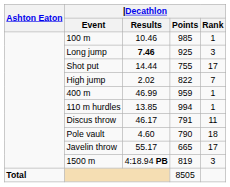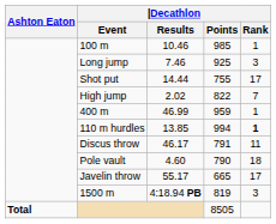 <table class=wikitable style="font-size:90%;">
 <tr>
 <th rowspan="2"><strong><a href='#'>Ashton Eaton</a></strong></th>
 <th colspan="4">|<a href='#'>Decathlon</a></th>
 </tr>
 <tr>
 <th>Event</th>
 <th>Results</th>
 <th>Points</th>
 <th>Rank</th>
 </tr>
 <tr style="border-top: single;">
 <td rowspan="10"></td>
 <td>100 m</td>
 <td align=center>10.46</td>
 <td align=center>985</td>
 <td align=center>1</td>
 </tr>
 <tr>
 <td>Long jump</td>
-<td align=center><strong>7.46</strong></td>
+<td align=center>7.46</td>
 <td align=center>925</td>
 <td align=center>3</td>
 </tr>
 <tr>
 <td>Shot put</td>
 <td align=center>14.44</td>
 <td align=center>755</td>
 <td align=center>17</td>
 </tr>
 <tr>
 <td>High jump</td>
 <td align=center>2.02</td>
 <td align=center>822</td>
 <td align=center>7</td>
 </tr>
 <tr>
 <td>400 m</td>
 <td align=center>46.99</td>
 <td align=center>959</td>
 <td align=center>1</td>
 </tr>
 <tr>
 <td>110 m hurdles</td>
 <td align=center>13.85</td>
 <td align=center>994</td>
-<td align=center>1</td>
+<td align=center><strong>1</strong></td>
 </tr>
 <tr>
 <td>Discus throw</td>
 <td align=center>46.17</td>
 <td align=center>791</td>
 <td align=center>11</td>
 </tr>
 <tr>
 <td>Pole vault</td>
 <td align=center>4.60</td>
 <td align=center>790</td>
 <td align=center>18</td>
 </tr>
 <tr>
 <td>Javelin throw</td>
 <td align=center>55.17</td>
 <td align=center>665</td>
 <td align=center>17</td>
 </tr>
 <tr>
 <td>1500 m</td>
 <td align=center>4:18.94 <strong>PB</strong></td>
 <td align=center>819</td>
 <td align=center>3</td>
 </tr>
 <tr style="border-top: single;">
 <td><strong>Total</strong></td>
 <td colspan="2" style="background:wheat;"></td>
 <td align=center>8505</td>
 <td align=center></td>
 </tr>
 </table>
